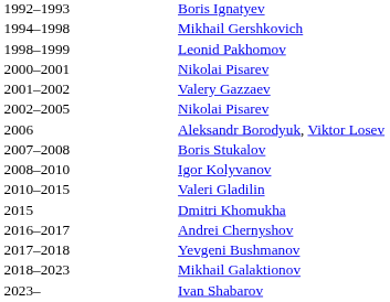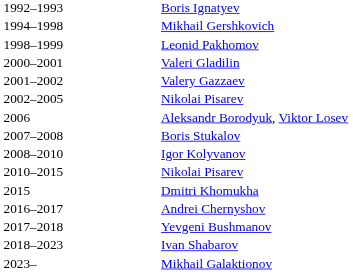 <table width="50%">
 <tr>
 <td width="30%">1992–1993</td>
 <td><a href='#'>Boris Ignatyev</a></td>
 </tr>
 <tr>
 <td>1994–1998</td>
 <td><a href='#'>Mikhail Gershkovich</a></td>
 </tr>
 <tr>
 <td>1998–1999</td>
 <td><a href='#'>Leonid Pakhomov</a></td>
 </tr>
 <tr>
 <td>2000–2001</td>
-<td><a href='#'>Nikolai Pisarev</a></td>
+<td><a href='#'>Valeri Gladilin</a></td>
 </tr>
 <tr>
 <td>2001–2002</td>
 <td><a href='#'>Valery Gazzaev</a></td>
 </tr>
 <tr>
 <td>2002–2005</td>
 <td><a href='#'>Nikolai Pisarev</a></td>
 </tr>
 <tr>
 <td>2006</td>
 <td><a href='#'>Aleksandr Borodyuk</a>, <a href='#'>Viktor Losev</a></td>
 </tr>
 <tr>
 <td>2007–2008</td>
 <td><a href='#'>Boris Stukalov</a></td>
 </tr>
 <tr>
 <td>2008–2010</td>
 <td><a href='#'>Igor Kolyvanov</a></td>
 </tr>
 <tr>
 <td>2010–2015</td>
-<td><a href='#'>Valeri Gladilin</a></td>
+<td><a href='#'>Nikolai Pisarev</a></td>
 </tr>
 <tr>
 <td>2015</td>
 <td><a href='#'>Dmitri Khomukha</a></td>
 </tr>
 <tr>
 <td>2016–2017</td>
 <td><a href='#'>Andrei Chernyshov</a></td>
 </tr>
 <tr>
 <td>2017–2018</td>
 <td><a href='#'>Yevgeni Bushmanov</a></td>
 </tr>
 <tr>
 <td>2018–2023</td>
-<td><a href='#'>Mikhail Galaktionov</a></td>
+<td><a href='#'>Ivan Shabarov</a></td>
 </tr>
 <tr>
 <td>2023–</td>
-<td><a href='#'>Ivan Shabarov</a></td>
+<td><a href='#'>Mikhail Galaktionov</a></td>
 </tr>
 </table>
